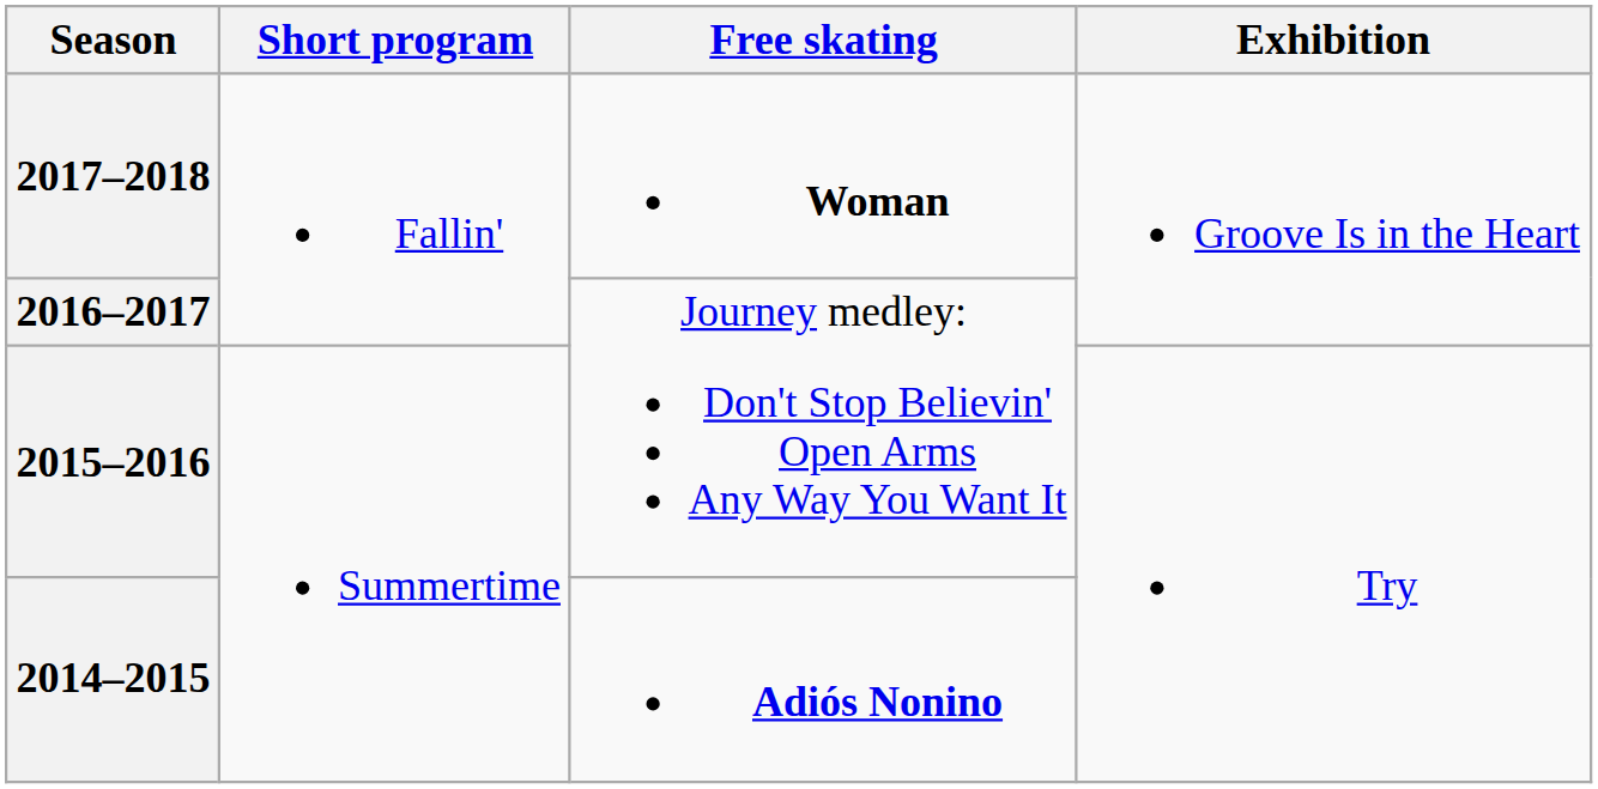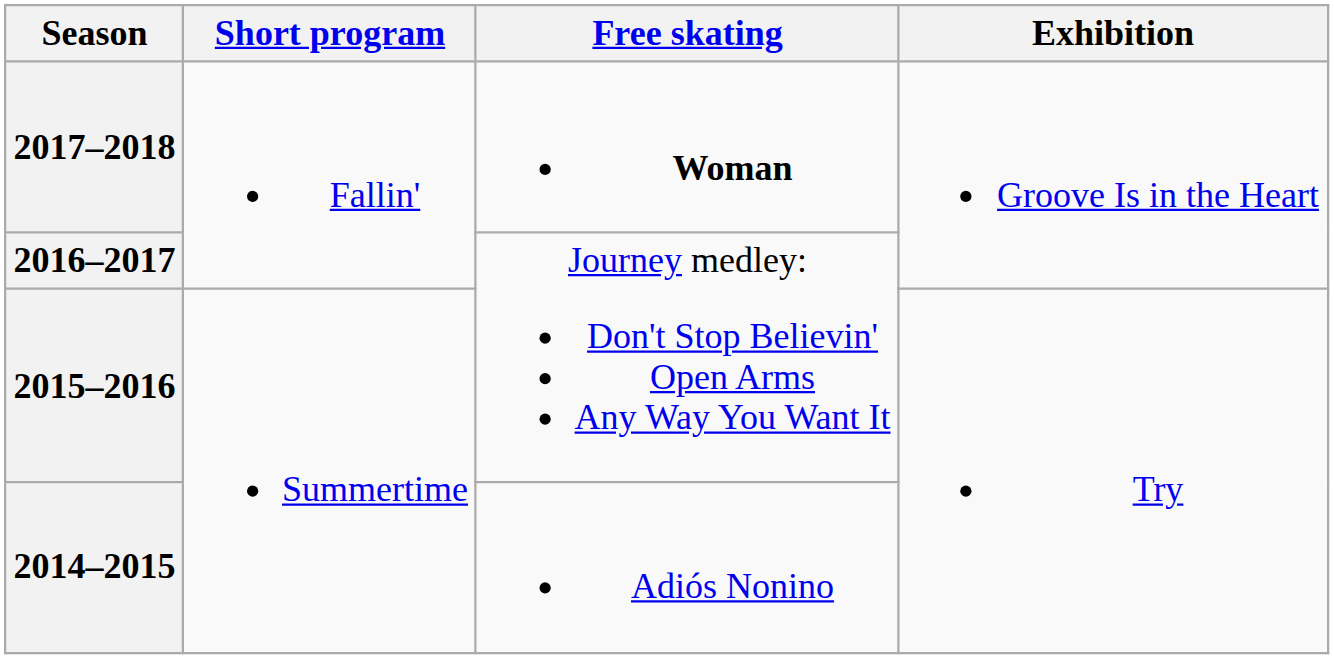 <table class=wikitable style=text-align:center>
 <tr>
 <th>Season</th>
 <th><a href='#'>Short program</a></th>
 <th><a href='#'>Free skating</a></th>
 <th>Exhibition</th>
 </tr>
 <tr>
 <th>2017–2018 <br></th>
 <td rowspan=2><br><ul><li><a href='#'>Fallin'</a> <br></li></ul></td>
 <td><strong><br><ul><li>Woman <br></li></ul></strong></td>
 <td rowspan=2><br><ul><li><a href='#'>Groove Is in the Heart</a><br></li></ul></td>
 </tr>
 <tr>
 <th>2016–2017 <br></th>
 <td rowspan=2><a href='#'>Journey</a> medley:<br><ul><li><a href='#'>Don't Stop Believin'</a></li><li><a href='#'>Open Arms</a></li><li><a href='#'>Any Way You Want It</a> <br></li></ul></td>
 </tr>
 <tr>
 <th>2015–2016 <br></th>
 <td rowspan=2><br><ul><li><a href='#'>Summertime</a> <br></li></ul></td>
 <td rowspan=2><br><ul><li><a href='#'>Try</a> <br></li></ul></td>
 </tr>
 <tr>
 <th>2014–2015 <br></th>
-<td><strong><br><ul><li><a href='#'>Adiós Nonino</a> <br></li></ul></strong></td>
+<td><br><ul><li><a href='#'>Adiós Nonino</a> <br></li></ul></td>
 </tr>
 </table>
